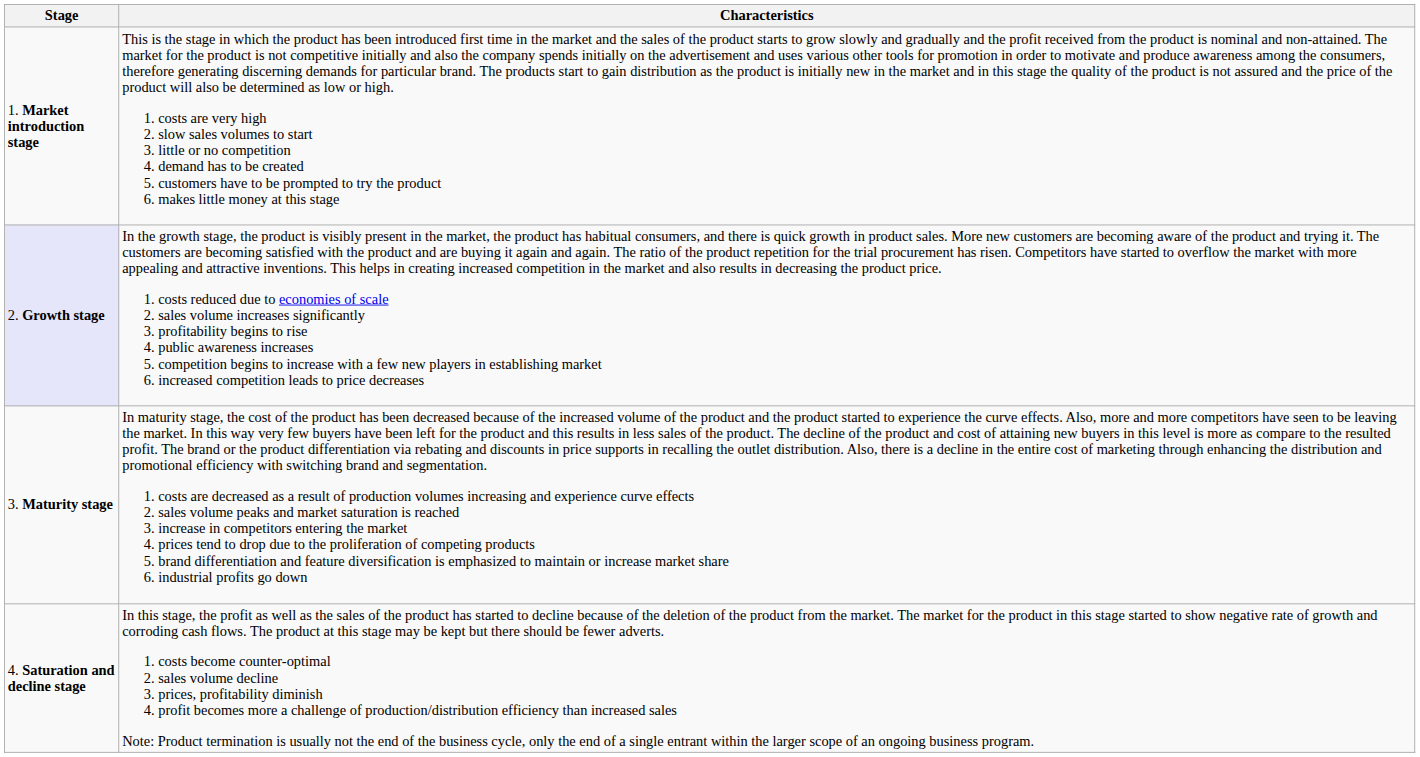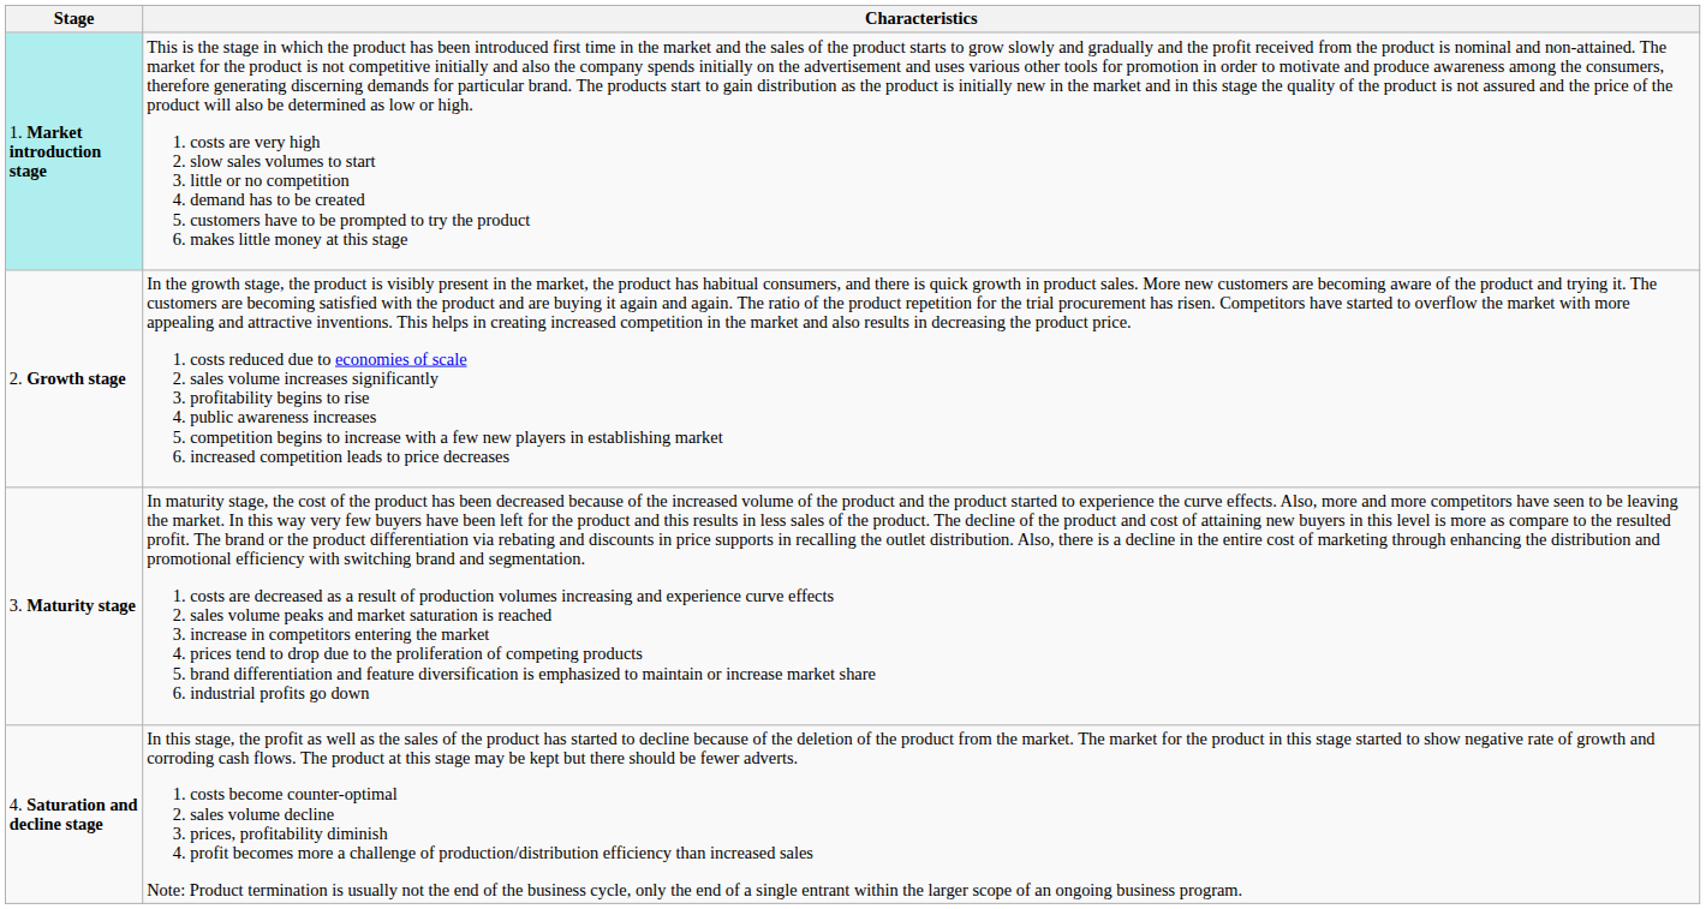 <table class="wikitable">
 <tr>
 <th>Stage</th>
 <th>Characteristics</th>
 </tr>
 <tr>
-<td>1. <strong>Market introduction stage</strong></td>
+<td style="background: paleturquoise;">1. <strong>Market introduction stage</strong></td>
 <td>This is the stage in which the product has been introduced first time in the market and the sales of the product starts to grow slowly and gradually and the profit received from the product is nominal and non-attained. The market for the product is not competitive initially and also the company spends initially on the advertisement and uses various other tools for promotion in order to motivate and produce awareness among the consumers, therefore generating discerning demands for particular brand. The products start to gain distribution as the product is initially new in the market and in this stage the quality of the product is not assured and the price of the product will also be determined as low or high.<br><ol><li>costs are very high</li><li>slow sales volumes to start</li><li>little or no competition</li><li>demand has to be created</li><li>customers have to be prompted to try the product</li><li>makes little money at this stage</li></ol></td>
 </tr>
 <tr>
-<td style="background: lavender;">2. <strong>Growth stage</strong></td>
+<td>2. <strong>Growth stage</strong></td>
 <td>In the growth stage, the product is visibly present in the market, the product has habitual consumers, and there is quick growth in product sales. More new customers are becoming aware of the product and trying it. The customers are becoming satisfied with the product and are buying it again and again. The ratio of the product repetition for the trial procurement has risen. Competitors have started to overflow the market with more appealing and attractive inventions. This helps in creating increased competition in the market and also results in decreasing the product price.<br><ol><li>costs reduced due to <a href='#'>economies of scale</a></li><li>sales volume increases significantly</li><li>profitability begins to rise</li><li>public awareness increases</li><li>competition begins to increase with a few new players in establishing market</li><li>increased competition leads to price decreases</li></ol></td>
 </tr>
 <tr>
 <td>3. <strong>Maturity stage</strong></td>
 <td>In maturity stage, the cost of the product has been decreased because of the increased volume of the product and the product started to experience the curve effects. Also, more and more competitors have seen to be leaving the market. In this way very few buyers have been left for the product and this results in less sales of the product. The decline of the product and cost of attaining new buyers in this level is more as compare to the resulted profit. The brand or the product differentiation via rebating and discounts in price supports in recalling the outlet distribution. Also, there is a decline in the entire cost of marketing through enhancing the distribution and promotional efficiency with switching brand and segmentation.<br><ol><li>costs are decreased as a result of production volumes increasing and experience curve effects</li><li>sales volume peaks and market saturation is reached</li><li>increase in competitors entering the market</li><li>prices tend to drop due to the proliferation of competing products</li><li>brand differentiation and feature diversification is emphasized to maintain or increase market share</li><li>industrial profits go down</li></ol></td>
 </tr>
 <tr>
 <td>4. <strong>Saturation and decline stage</strong></td>
 <td>In this stage, the profit as well as the sales of the product has started to decline because of the deletion of the product from the market. The market for the product in this stage started to show negative rate of growth and corroding cash flows. The product at this stage may be kept but there should be fewer adverts.<br><ol><li>costs become counter-optimal</li><li>sales volume decline</li><li>prices, profitability diminish</li><li>profit becomes more a challenge of production/distribution efficiency than increased sales</li></ol>Note: Product termination is usually not the end of the business cycle, only the end of a single entrant within the larger scope of an ongoing business program.</td>
 </tr>
 </table>
